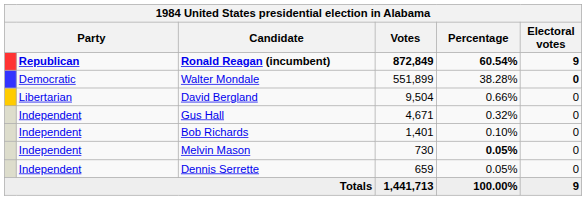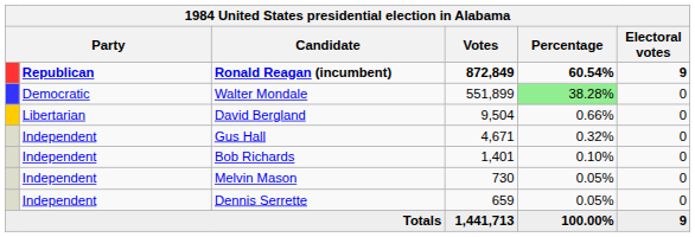 <table class="wikitable" style="font-size: 95%;">
 <tr>
 <th colspan="6">1984 United States presidential election in Alabama</th>
 </tr>
 <tr>
 <th colspan="2" style="width: 15em">Party</th>
 <th style="width: 17em">Candidate</th>
 <th style="width: 5em">Votes</th>
 <th style="width: 7em">Percentage</th>
 <th style="width: 5em">Electoral votes</th>
 </tr>
 <tr>
 <th style="background:#f33; width:3px;"></th>
 <td style="width: 130px"><strong><a href='#'>Republican</a></strong></td>
 <td><strong><a href='#'>Ronald Reagan</a> (incumbent)</strong></td>
 <td style="text-align:right;"><strong>872,849</strong></td>
 <td style="text-align:right;"><strong>60.54%</strong></td>
 <td style="text-align:right;"><strong>9</strong></td>
 </tr>
 <tr>
 <th style="background:#33f; width:3px;"></th>
 <td style="width: 130px"><a href='#'>Democratic</a></td>
 <td><a href='#'>Walter Mondale</a></td>
 <td style="text-align:right;">551,899</td>
-<td style="text-align:right;">38.28%</td>
-<td style="text-align:right;"><strong>0</strong></td>
+<td style="background: lightgreen; text-align:right;">38.28%</td>
+<td style="text-align:right;">0</td>
 </tr>
 <tr>
 <th style="background:#FFCC00; width:3px;"></th>
 <td style="width: 130px"><a href='#'>Libertarian</a></td>
 <td><a href='#'>David Bergland</a></td>
 <td style="text-align:right;">9,504</td>
 <td style="text-align:right;">0.66%</td>
 <td style="text-align:right;">0</td>
 </tr>
 <tr>
 <th style="background:#DDDDCC; width:3px;"></th>
 <td style="width: 130px"><a href='#'>Independent</a></td>
 <td><a href='#'>Gus Hall</a></td>
 <td style="text-align:right;">4,671</td>
 <td style="text-align:right;">0.32%</td>
 <td style="text-align:right;">0</td>
 </tr>
 <tr>
 <th style="background:#DDDDCC; width:3px;"></th>
 <td style="width: 130px"><a href='#'>Independent</a></td>
 <td><a href='#'>Bob Richards</a></td>
 <td style="text-align:right;">1,401</td>
 <td style="text-align:right;">0.10%</td>
 <td style="text-align:right;">0</td>
 </tr>
 <tr>
 <th style="background:#DDDDCC; width:3px;"></th>
 <td style="width: 130px"><a href='#'>Independent</a></td>
 <td><a href='#'>Melvin Mason</a></td>
 <td style="text-align:right;">730</td>
-<td style="text-align:right;"><strong>0.05%</strong></td>
+<td style="text-align:right;">0.05%</td>
 <td style="text-align:right;">0</td>
 </tr>
 <tr>
 <th style="background:#DDDDCC; width:3px;"></th>
 <td style="width: 130px"><a href='#'>Independent</a></td>
 <td><a href='#'>Dennis Serrette</a></td>
 <td style="text-align:right;">659</td>
 <td style="text-align:right;">0.05%</td>
 <td style="text-align:right;">0</td>
 </tr>
 <tr style="background:#eee; text-align:right;">
 <td colspan="3"><strong>Totals</strong></td>
 <td><strong>1,441,713</strong></td>
 <td><strong>100.00%</strong></td>
 <td><strong>9</strong></td>
 </tr>
 </table>
